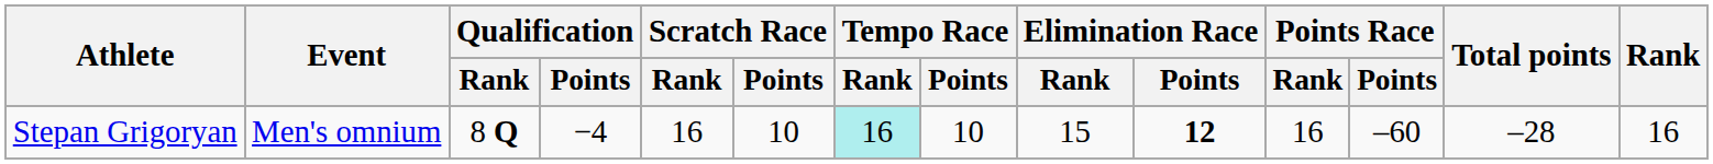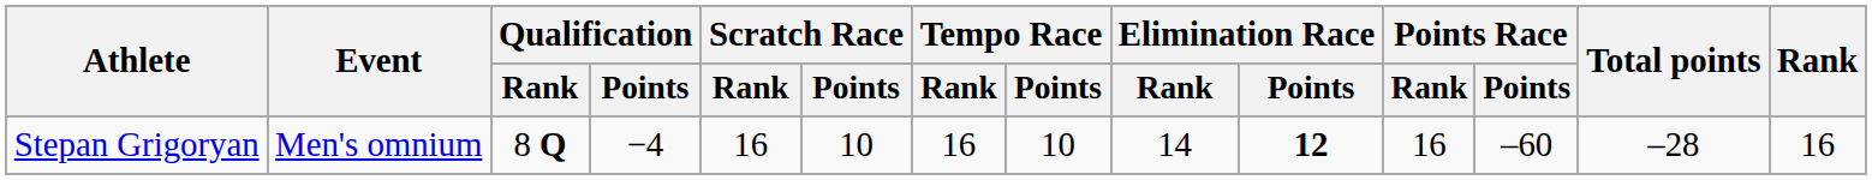 <table class="wikitable" style="font-size:90%">
 <tr>
 <th rowspan="2">Athlete</th>
 <th rowspan="2">Event</th>
 <th colspan=2>Qualification</th>
 <th colspan=2>Scratch Race</th>
 <th colspan=2>Tempo Race</th>
 <th colspan=2>Elimination Race</th>
 <th colspan=2>Points Race</th>
 <th rowspan=2>Total points</th>
 <th rowspan=2>Rank</th>
 </tr>
 <tr style="font-size:95%">
 <th>Rank</th>
 <th>Points</th>
 <th>Rank</th>
 <th>Points</th>
 <th>Rank</th>
 <th>Points</th>
 <th>Rank</th>
 <th>Points</th>
 <th>Rank</th>
 <th>Points</th>
 </tr>
 <tr align=center>
 <td align=left><a href='#'>Stepan Grigoryan</a></td>
 <td align=left><a href='#'>Men's omnium</a></td>
 <td>8 <strong>Q</strong></td>
 <td>−4</td>
 <td>16</td>
 <td>10</td>
-<td style="background: paleturquoise;">16</td>
+<td>16</td>
 <td>10</td>
-<td>15</td>
+<td>14</td>
 <td><strong>12</strong></td>
 <td>16</td>
 <td>–60</td>
 <td>–28</td>
 <td>16</td>
 </tr>
 </table>
